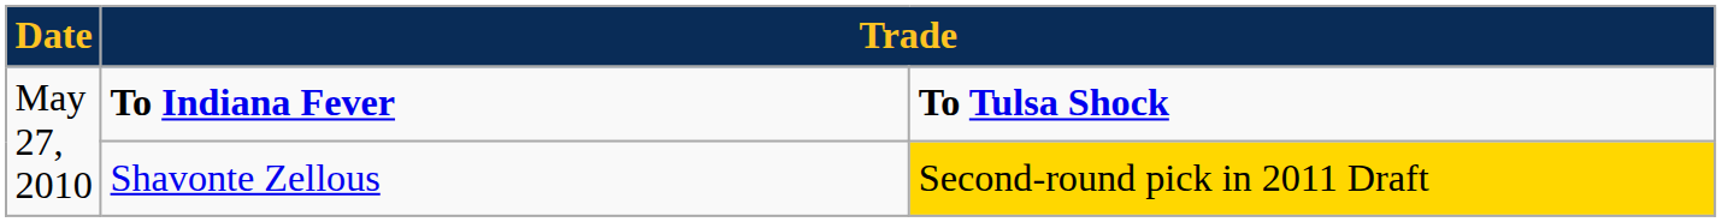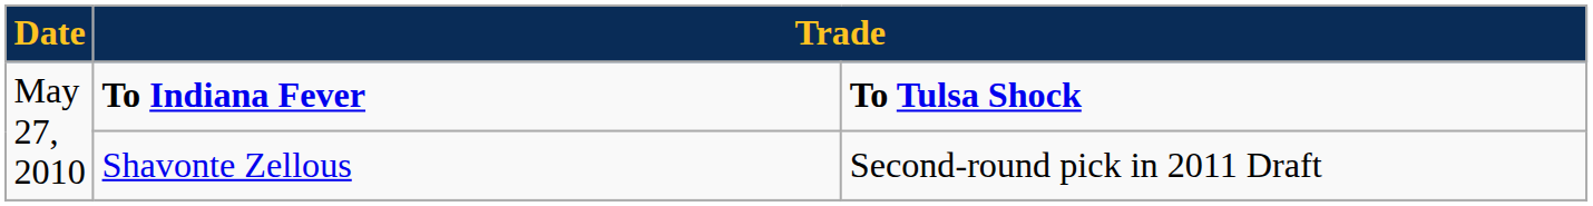 <table class="wikitable" style="width:80%">
 <tr>
 <th style="background:#092C57;color:#FFC322; width=125">Date</th>
 <th style="background:#092C57;color:#FFC322;" colspan=2>Trade</th>
 </tr>
 <tr>
 <td rowspan=2>May 27, 2010</td>
 <td width=375><strong>To <a href='#'>Indiana Fever</a></strong></td>
 <td width=375><strong>To <a href='#'>Tulsa Shock</a></strong></td>
 </tr>
 <tr>
 <td><a href='#'>Shavonte Zellous</a></td>
-<td style="background: gold;">Second-round pick in 2011 Draft</td>
+<td>Second-round pick in 2011 Draft</td>
 </tr>
 </table>
